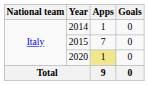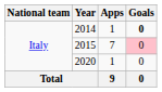 <table class="wikitable" style="text-align:center">
 <tr>
 <th>National team</th>
 <th>Year</th>
 <th>Apps</th>
 <th>Goals</th>
 </tr>
 <tr>
 <td rowspan="3"><a href='#'>Italy</a></td>
 <td>2014</td>
 <td>1</td>
-<td>0</td>
+<td><strong>0</strong></td>
 </tr>
 <tr>
 <td>2015</td>
 <td>7</td>
-<td>0</td>
+<td style="background: pink;">0</td>
 </tr>
 <tr>
 <td>2020</td>
-<td style="background: khaki;">1</td>
+<td>1</td>
 <td>0</td>
 </tr>
 <tr>
 <th colspan="2">Total</th>
 <th>9</th>
 <th>0</th>
 </tr>
 </table>
